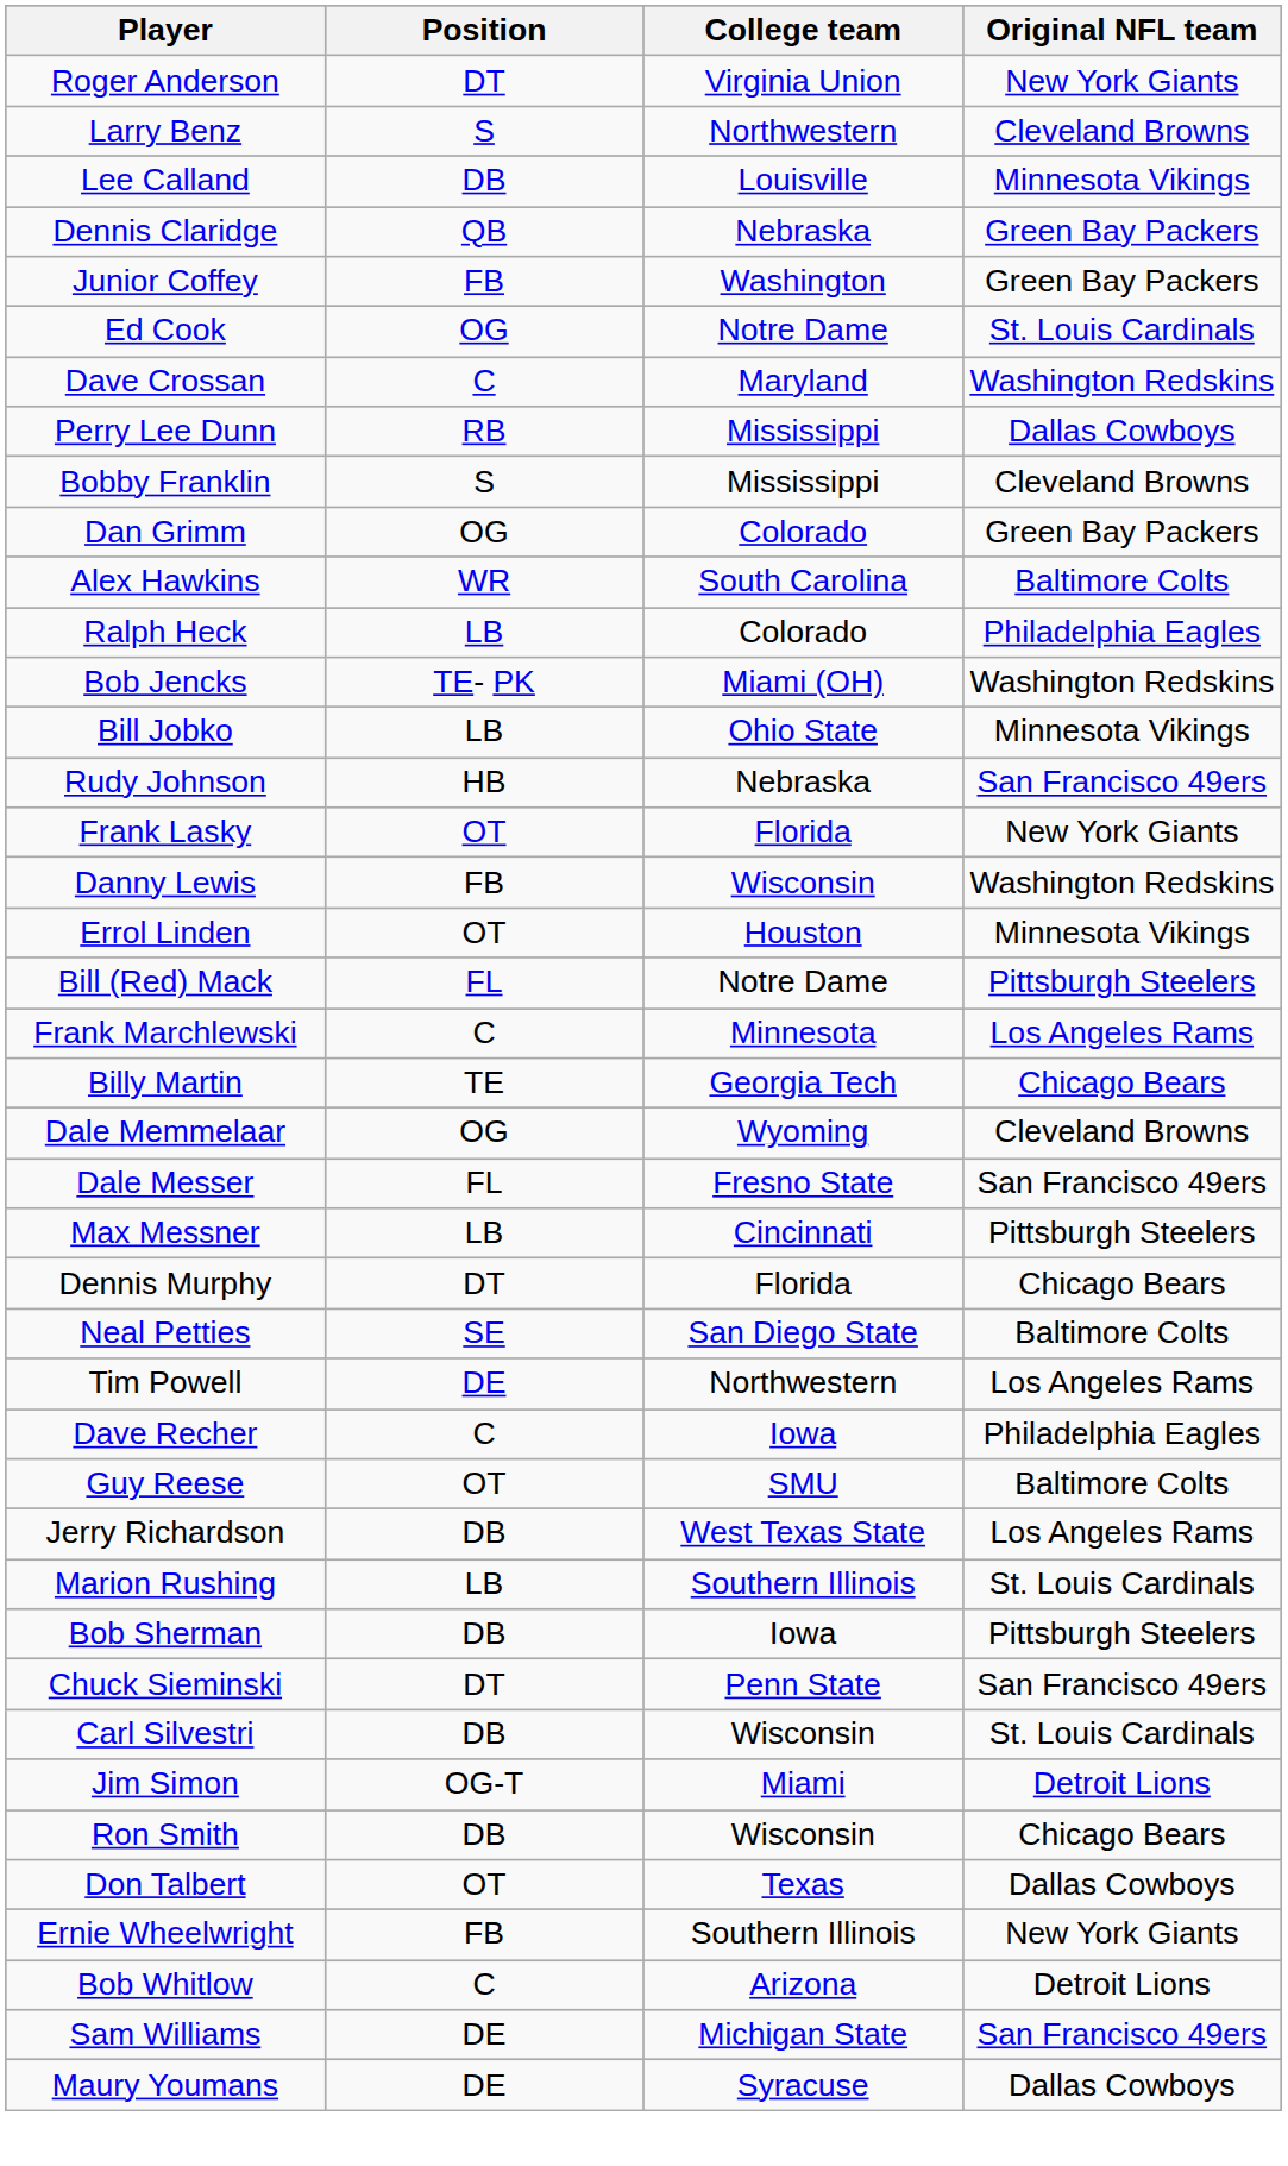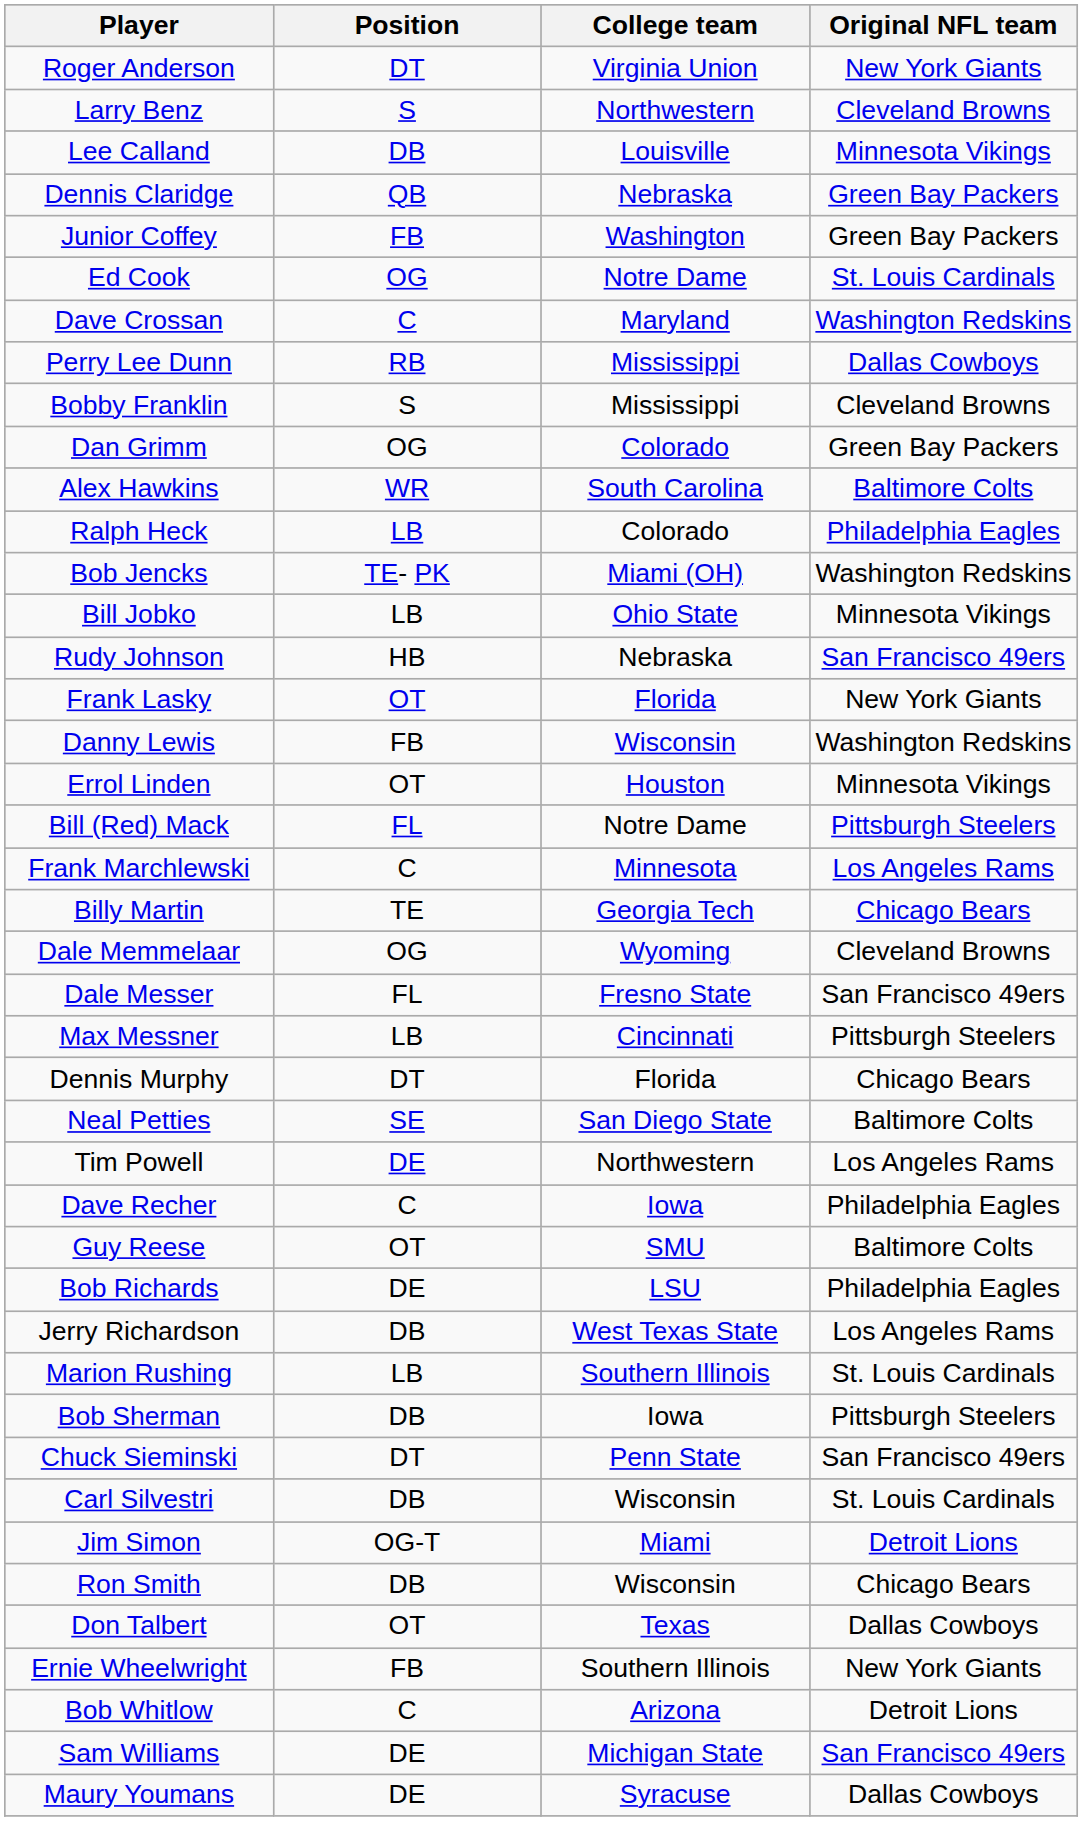 <table class="wikitable sortable sortable" style="text-align:center">
 <tr>
 <th width=25%>Player</th>
 <th width=25%>Position</th>
 <th width=25%>College team</th>
 <th width=25%>Original NFL team</th>
 </tr>
 <tr>
 <td><a href='#'>Roger Anderson</a></td>
 <td><a href='#'>DT</a></td>
 <td><a href='#'>Virginia Union</a></td>
 <td><a href='#'>New York Giants</a></td>
 </tr>
 <tr>
 <td><a href='#'>Larry Benz</a></td>
 <td><a href='#'>S</a></td>
 <td><a href='#'>Northwestern</a></td>
 <td><a href='#'>Cleveland Browns</a></td>
 </tr>
 <tr>
 <td><a href='#'>Lee Calland</a></td>
 <td><a href='#'>DB</a></td>
 <td><a href='#'>Louisville</a></td>
 <td><a href='#'>Minnesota Vikings</a></td>
 </tr>
 <tr>
 <td><a href='#'>Dennis Claridge</a></td>
 <td><a href='#'>QB</a></td>
 <td><a href='#'>Nebraska</a></td>
 <td><a href='#'>Green Bay Packers</a></td>
 </tr>
 <tr>
 <td><a href='#'>Junior Coffey</a></td>
 <td><a href='#'>FB</a></td>
 <td><a href='#'>Washington</a></td>
 <td>Green Bay Packers</td>
 </tr>
 <tr>
 <td><a href='#'>Ed Cook</a></td>
 <td><a href='#'>OG</a></td>
 <td><a href='#'>Notre Dame</a></td>
 <td><a href='#'>St. Louis Cardinals</a></td>
 </tr>
 <tr>
 <td><a href='#'>Dave Crossan</a></td>
 <td><a href='#'>C</a></td>
 <td><a href='#'>Maryland</a></td>
 <td><a href='#'>Washington Redskins</a></td>
 </tr>
 <tr>
 <td><a href='#'>Perry Lee Dunn</a></td>
 <td><a href='#'>RB</a></td>
 <td><a href='#'>Mississippi</a></td>
 <td><a href='#'>Dallas Cowboys</a></td>
 </tr>
 <tr>
 <td><a href='#'>Bobby Franklin</a></td>
 <td>S</td>
 <td>Mississippi</td>
 <td>Cleveland Browns</td>
 </tr>
 <tr>
 <td><a href='#'>Dan Grimm</a></td>
 <td>OG</td>
 <td><a href='#'>Colorado</a></td>
 <td>Green Bay Packers</td>
 </tr>
 <tr>
 <td><a href='#'>Alex Hawkins</a></td>
 <td><a href='#'>WR</a></td>
 <td><a href='#'>South Carolina</a></td>
 <td><a href='#'>Baltimore Colts</a></td>
 </tr>
 <tr>
 <td><a href='#'>Ralph Heck</a></td>
 <td><a href='#'>LB</a></td>
 <td>Colorado</td>
 <td><a href='#'>Philadelphia Eagles</a></td>
 </tr>
 <tr>
 <td><a href='#'>Bob Jencks</a></td>
 <td><a href='#'>TE</a>- <a href='#'>PK</a></td>
 <td><a href='#'>Miami (OH)</a></td>
 <td>Washington Redskins</td>
 </tr>
 <tr>
 <td><a href='#'>Bill Jobko</a></td>
 <td>LB</td>
 <td><a href='#'>Ohio State</a></td>
 <td>Minnesota Vikings</td>
 </tr>
 <tr>
 <td><a href='#'>Rudy Johnson</a></td>
 <td>HB</td>
 <td>Nebraska</td>
 <td><a href='#'>San Francisco 49ers</a></td>
 </tr>
 <tr>
 <td><a href='#'>Frank Lasky</a></td>
 <td><a href='#'>OT</a></td>
 <td><a href='#'>Florida</a></td>
 <td>New York Giants</td>
 </tr>
 <tr>
 <td><a href='#'>Danny Lewis</a></td>
 <td>FB</td>
 <td><a href='#'>Wisconsin</a></td>
 <td>Washington Redskins</td>
 </tr>
 <tr>
 <td><a href='#'>Errol Linden</a></td>
 <td>OT</td>
 <td><a href='#'>Houston</a></td>
 <td>Minnesota Vikings</td>
 </tr>
 <tr>
 <td><a href='#'>Bill (Red) Mack</a></td>
 <td><a href='#'>FL</a></td>
 <td>Notre Dame</td>
 <td><a href='#'>Pittsburgh Steelers</a></td>
 </tr>
 <tr>
 <td><a href='#'>Frank Marchlewski</a></td>
 <td>C</td>
 <td><a href='#'>Minnesota</a></td>
 <td><a href='#'>Los Angeles Rams</a></td>
 </tr>
 <tr>
 <td><a href='#'>Billy Martin</a></td>
 <td>TE</td>
 <td><a href='#'>Georgia Tech</a></td>
 <td><a href='#'>Chicago Bears</a></td>
 </tr>
 <tr>
 <td><a href='#'>Dale Memmelaar</a></td>
 <td>OG</td>
 <td><a href='#'>Wyoming</a></td>
 <td>Cleveland Browns</td>
 </tr>
 <tr>
 <td><a href='#'>Dale Messer</a></td>
 <td>FL</td>
 <td><a href='#'>Fresno State</a></td>
 <td>San Francisco 49ers</td>
 </tr>
 <tr>
 <td><a href='#'>Max Messner</a></td>
 <td>LB</td>
 <td><a href='#'>Cincinnati</a></td>
 <td>Pittsburgh Steelers</td>
 </tr>
 <tr>
 <td>Dennis Murphy</td>
 <td>DT</td>
 <td>Florida</td>
 <td>Chicago Bears</td>
 </tr>
 <tr>
 <td><a href='#'>Neal Petties</a></td>
 <td><a href='#'>SE</a></td>
 <td><a href='#'>San Diego State</a></td>
 <td>Baltimore Colts</td>
 </tr>
 <tr>
 <td>Tim Powell</td>
 <td><a href='#'>DE</a></td>
 <td>Northwestern</td>
 <td>Los Angeles Rams</td>
 </tr>
 <tr>
 <td><a href='#'>Dave Recher</a></td>
 <td>C</td>
 <td><a href='#'>Iowa</a></td>
 <td>Philadelphia Eagles</td>
 </tr>
 <tr>
 <td><a href='#'>Guy Reese</a></td>
 <td>OT</td>
 <td><a href='#'>SMU</a></td>
 <td>Baltimore Colts</td>
 </tr>
 <tr>
+<td><a href='#'>Bob Richards</a></td>
+<td>DE</td>
+<td><a href='#'>LSU</a></td>
+<td>Philadelphia Eagles</td>
+</tr>
+<tr>
 <td>Jerry Richardson</td>
 <td>DB</td>
 <td><a href='#'>West Texas State</a></td>
 <td>Los Angeles Rams</td>
 </tr>
 <tr>
 <td><a href='#'>Marion Rushing</a></td>
 <td>LB</td>
 <td><a href='#'>Southern Illinois</a></td>
 <td>St. Louis Cardinals</td>
 </tr>
 <tr>
 <td><a href='#'>Bob Sherman</a></td>
 <td>DB</td>
 <td>Iowa</td>
 <td>Pittsburgh Steelers</td>
 </tr>
 <tr>
 <td><a href='#'>Chuck Sieminski</a></td>
 <td>DT</td>
 <td><a href='#'>Penn State</a></td>
 <td>San Francisco 49ers</td>
 </tr>
 <tr>
 <td><a href='#'>Carl Silvestri</a></td>
 <td>DB</td>
 <td>Wisconsin</td>
 <td>St. Louis Cardinals</td>
 </tr>
 <tr>
 <td><a href='#'>Jim Simon</a></td>
 <td>OG-T</td>
 <td><a href='#'>Miami</a></td>
 <td><a href='#'>Detroit Lions</a></td>
 </tr>
 <tr>
 <td><a href='#'>Ron Smith</a></td>
 <td>DB</td>
 <td>Wisconsin</td>
 <td>Chicago Bears</td>
 </tr>
 <tr>
 <td><a href='#'>Don Talbert</a></td>
 <td>OT</td>
 <td><a href='#'>Texas</a></td>
 <td>Dallas Cowboys</td>
 </tr>
 <tr>
 <td><a href='#'>Ernie Wheelwright</a></td>
 <td>FB</td>
 <td>Southern Illinois</td>
 <td>New York Giants</td>
 </tr>
 <tr>
 <td><a href='#'>Bob Whitlow</a></td>
 <td>C</td>
 <td><a href='#'>Arizona</a></td>
 <td>Detroit Lions</td>
 </tr>
 <tr>
 <td><a href='#'>Sam Williams</a></td>
 <td>DE</td>
 <td><a href='#'>Michigan State</a></td>
 <td><a href='#'>San Francisco 49ers</a></td>
 </tr>
 <tr>
 <td><a href='#'>Maury Youmans</a></td>
 <td>DE</td>
 <td><a href='#'>Syracuse</a></td>
 <td>Dallas Cowboys</td>
 </tr>
 </table>
